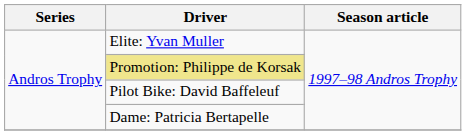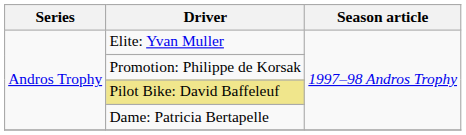 <table class="wikitable" style="font-size: 87%;">
 <tr>
 <th>Series</th>
 <th>Driver</th>
 <th>Season article</th>
 </tr>
 <tr>
 <td rowspan=4><a href='#'>Andros Trophy</a></td>
 <td>Elite:  <a href='#'>Yvan Muller</a></td>
 <td rowspan=4><em><a href='#'>1997–98 Andros Trophy</a></em></td>
 </tr>
 <tr>
-<td style="background: khaki;">Promotion:  Philippe de Korsak</td>
+<td>Promotion:  Philippe de Korsak</td>
 </tr>
 <tr>
-<td>Pilot Bike:  David Baffeleuf</td>
+<td style="background: khaki;">Pilot Bike:  David Baffeleuf</td>
 </tr>
 <tr>
 <td>Dame:  Patricia Bertapelle</td>
 </tr>
 <tr>
 </tr>
 </table>
